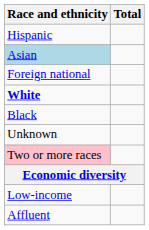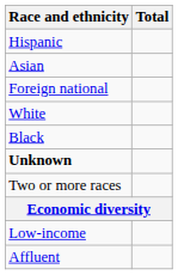 <table class="wikitable floatright sortable collapsible"; text-align:right; font-size:80%;">
 <tr>
 <th>Race and ethnicity</th>
 <th colspan="2" data-sort-type=number>Total</th>
 </tr>
 <tr>
 <td><a href='#'>Hispanic</a></td>
 <td align=right></td>
 </tr>
 <tr>
-<td style="background: lightblue;"><a href='#'>Asian</a></td>
+<td><a href='#'>Asian</a></td>
 <td align=right></td>
 </tr>
 <tr>
 <td><a href='#'>Foreign national</a></td>
 <td align=right></td>
 </tr>
 <tr>
-<td><strong><a href='#'>White</a></strong></td>
+<td><a href='#'>White</a></td>
 <td align=right></td>
 </tr>
 <tr>
 <td><a href='#'>Black</a></td>
 <td align=right></td>
 </tr>
 <tr>
-<td>Unknown</td>
+<td><strong>Unknown</strong></td>
 <td align=right></td>
 </tr>
 <tr>
-<td style="background: pink;">Two or more races</td>
+<td>Two or more races</td>
 <td align=right></td>
 </tr>
 <tr>
 <th colspan="4" data-sort-type=number><a href='#'>Economic diversity</a></th>
 </tr>
 <tr>
 <td><a href='#'>Low-income</a></td>
 <td align=right></td>
 </tr>
 <tr>
 <td><a href='#'>Affluent</a></td>
 <td align=right></td>
 </tr>
 </table>
